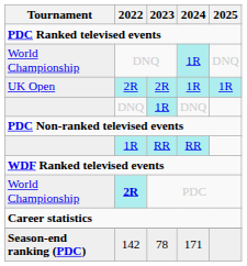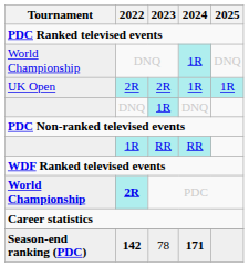 <table class="wikitable" style="width:35%; margin:0">
 <tr>
 <th>Tournament</th>
 <th>2022</th>
 <th>2023</th>
 <th>2024</th>
 <th>2025</th>
 </tr>
 <tr>
 <td colspan="10" align="left"><strong><a href='#'>PDC</a> Ranked televised events</strong></td>
 </tr>
 <tr>
 <td style="background:#efefef;"><a href='#'>World Championship</a></td>
 <td colspan="2" style="text-align:center; color:#ccc;">DNQ</td>
 <td style="text-align:center; background:#afeeee;"><a href='#'>1R</a></td>
 <td style="text-align:center; color:#ccc;">DNQ</td>
 </tr>
 <tr>
 <td style="background:#efefef;"><a href='#'>UK Open</a></td>
 <td style="text-align:center; background:#afeeee;"><a href='#'>2R</a></td>
 <td style="text-align:center; background:#afeeee;"><a href='#'>2R</a></td>
 <td style="text-align:center; background:#afeeee;"><a href='#'>1R</a></td>
 <td style="text-align:center; background:#afeeee;"><a href='#'>1R</a></td>
 </tr>
 <tr>
 <td style="background:#efefef;"></td>
 <td style="text-align:center; color:#ccc;">DNQ</td>
 <td style="text-align:center; background:#afeeee;"><a href='#'>1R</a></td>
 <td style="text-align:center; color:#ccc;">DNQ</td>
 <td></td>
 </tr>
 <tr>
 <td colspan="10" style="text-align:left"><strong><a href='#'>PDC</a> Non-ranked televised events</strong></td>
 </tr>
 <tr>
 <td style="background:#efefef;"></td>
 <td style="text-align:center; background:#afeeee;"><a href='#'>1R</a></td>
 <td style="text-align:center; background:#afeeee;"><a href='#'>RR</a></td>
 <td style="text-align:center; background:#afeeee;"><a href='#'>RR</a></td>
 <td></td>
 </tr>
 <tr>
 <td colspan="10" align="left"><strong><a href='#'>WDF</a> Ranked televised events</strong></td>
 </tr>
 <tr>
-<td style="background:#efefef;"><a href='#'>World Championship</a></td>
+<td style="background:#efefef;"><strong><a href='#'>World Championship</a></strong></td>
 <td style="text-align:center; background:#afeeee;"><strong><a href='#'>2R</a></strong></td>
 <td colspan="3" style="text-align:center; color:#ccc;">PDC</td>
 </tr>
 <tr>
 <td colspan="10" align="left"><strong>Career statistics</strong></td>
 </tr>
 <tr>
 </tr>
 <tr bgcolor="efefef">
 <td align="left"><strong>Season-end ranking (<a href='#'>PDC</a>)</strong></td>
-<td style="text-align:center;">142</td>
+<td style="text-align:center;"><strong>142</strong></td>
 <td style="text-align:center;">78</td>
-<td style="text-align:center;">171</td>
+<td style="text-align:center;"><strong>171</strong></td>
 <td></td>
 </tr>
 </table>
